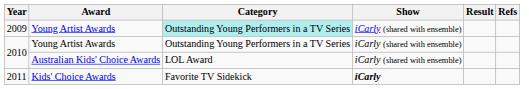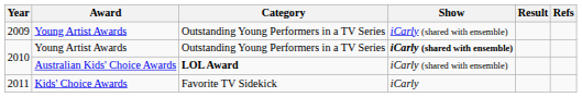 <table class="wikitable">
 <tr>
 <th>Year</th>
 <th>Award</th>
 <th>Category</th>
 <th>Show</th>
 <th>Result</th>
 <th>Refs</th>
 </tr>
 <tr>
 <td>2009</td>
 <td rowspan="1"><a href='#'>Young Artist Awards</a></td>
-<td rowspan="1" style="background: paleturquoise;">Outstanding Young Performers in a TV Series</td>
+<td rowspan="1">Outstanding Young Performers in a TV Series</td>
 <td rowspan="1"><em><a href='#'>iCarly</a></em> <small>(shared with ensemble)</small></td>
 <td></td>
 <td style="text-align:center;"></td>
 </tr>
 <tr>
 <td rowspan="2">2010</td>
 <td rowspan="1">Young Artist Awards</td>
 <td rowspan="1">Outstanding Young Performers in a TV Series</td>
-<td rowspan="1"><em>iCarly</em> <small>(shared with ensemble)</small></td>
+<td rowspan="1"><strong><em>iCarly</em> <small>(shared with ensemble)</small></strong></td>
 <td></td>
 <td style="text-align:center;"></td>
 </tr>
 <tr>
 <td><a href='#'>Australian Kids' Choice Awards</a></td>
-<td>LOL Award</td>
+<td><strong>LOL Award</strong></td>
 <td><em>iCarly</em> <small>(shared with ensemble)</small></td>
 <td></td>
 <td style="text-align:center;"></td>
 </tr>
 <tr>
 <td>2011</td>
 <td><a href='#'>Kids' Choice Awards</a></td>
 <td>Favorite TV Sidekick</td>
-<td><strong><em>iCarly</em></strong></td>
+<td><em>iCarly</em></td>
 <td></td>
 <td style="text-align:center;"></td>
 </tr>
 </table>
